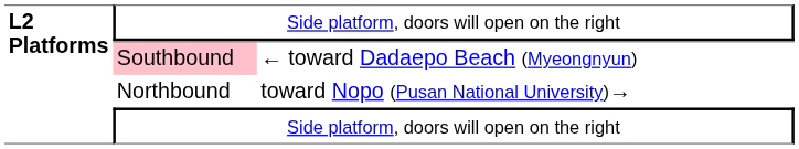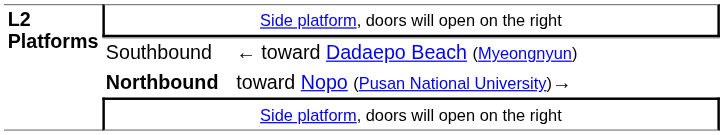 <table table border=0 cellspacing=0 cellpadding=3>
 <tr>
 <td style="border-top:solid 1px gray;border-bottom:solid 1px gray;" width=50 rowspan=10 valign=top><strong>L2<br>Platforms</strong></td>
 <td style="border-top:solid 1px gray;border-right:solid 2px black;border-left:solid 2px black;border-bottom:solid 2px black;text-align:center;" colspan=2><small><a href='#'>Side platform</a>, doors will open on the right</small></td>
 </tr>
 <tr>
-<td style="background: pink; border-bottom:solid 0px gray;border-top:solid 1px gray;" width=100>Southbound</td>
+<td style="border-bottom:solid 0px gray;border-top:solid 1px gray;" width=100>Southbound</td>
 <td style="border-bottom:solid 0px gray;border-top:solid 1px gray;" width=390>←  toward <a href='#'>Dadaepo Beach</a> <small>(<a href='#'>Myeongnyun</a>)</small></td>
 </tr>
 <tr>
-<td>Northbound</td>
+<td><strong>Northbound</strong></td>
 <td>  toward <a href='#'>Nopo</a> <small>(<a href='#'>Pusan National University</a>)</small>→</td>
 </tr>
 <tr>
 <td style="border-top:solid 2px black;border-right:solid 2px black;border-left:solid 2px black;border-bottom:solid 1px gray;text-align:center;" colspan=2><small><a href='#'>Side platform</a>, doors will open on the right</small></td>
 </tr>
 </table>
